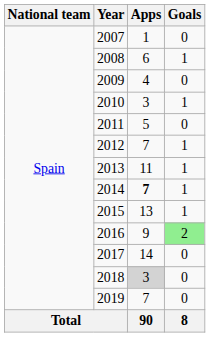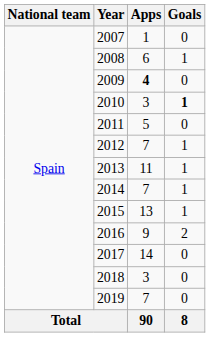 <table class="wikitable" style="text-align:center">
 <tr>
 <th>National team</th>
 <th>Year</th>
 <th>Apps</th>
 <th>Goals</th>
 </tr>
 <tr>
 <td rowspan=13><a href='#'>Spain</a></td>
 <td>2007</td>
 <td>1</td>
 <td>0</td>
 </tr>
 <tr>
 <td>2008</td>
 <td>6</td>
 <td>1</td>
 </tr>
 <tr>
 <td>2009</td>
-<td>4</td>
+<td><strong>4</strong></td>
 <td>0</td>
 </tr>
 <tr>
 <td>2010</td>
 <td>3</td>
-<td>1</td>
+<td><strong>1</strong></td>
 </tr>
 <tr>
 <td>2011</td>
 <td>5</td>
 <td>0</td>
 </tr>
 <tr>
 <td>2012</td>
 <td>7</td>
 <td>1</td>
 </tr>
 <tr>
 <td>2013</td>
 <td>11</td>
 <td>1</td>
 </tr>
 <tr>
 <td>2014</td>
-<td><strong>7</strong></td>
+<td>7</td>
 <td>1</td>
 </tr>
 <tr>
 <td>2015</td>
 <td>13</td>
 <td>1</td>
 </tr>
 <tr>
 <td>2016</td>
 <td>9</td>
-<td style="background: lightgreen;">2</td>
+<td>2</td>
 </tr>
 <tr>
 <td>2017</td>
 <td>14</td>
 <td>0</td>
 </tr>
 <tr>
 <td>2018</td>
-<td style="background: lightgrey;">3</td>
+<td>3</td>
 <td>0</td>
 </tr>
 <tr>
 <td>2019</td>
 <td>7</td>
 <td>0</td>
 </tr>
 <tr>
 <th colspan=2>Total</th>
 <th>90</th>
 <th>8</th>
 </tr>
 </table>
